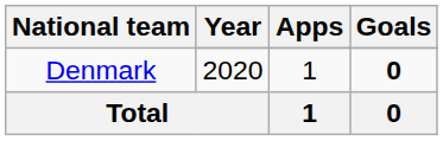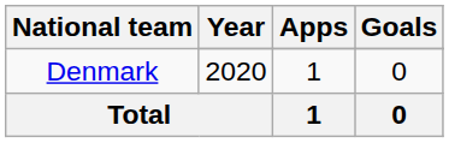 <table class="wikitable" style="text-align:center">
 <tr>
 <th>National team</th>
 <th>Year</th>
 <th>Apps</th>
 <th>Goals</th>
 </tr>
 <tr>
 <td rowspan="2"><a href='#'>Denmark</a></td>
 </tr>
 <tr>
 <td>2020</td>
 <td>1</td>
-<td><strong>0</strong></td>
+<td>0</td>
 </tr>
 <tr>
 <th colspan="2">Total</th>
 <th>1</th>
 <th>0</th>
 </tr>
 </table>
